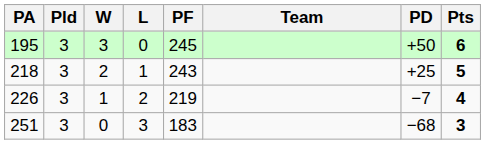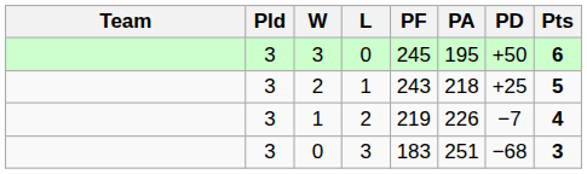 <table class=wikitable style="text-align:center">
 <tr>
-<th width=30>PA</th>
+<th width=180>Team</th>
 <th width=30>Pld</th>
 <th width=30>W</th>
 <th width=30>L</th>
 <th width=30>PF</th>
-<th width=180>Team</th>
+<th width=30>PA</th>
 <th width=30>PD</th>
 <th width=30>Pts</th>
 </tr>
 <tr bgcolor="#ccffcc">
-<td>195</td>
+<td align="left"></td>
 <td>3</td>
 <td>3</td>
 <td>0</td>
 <td>245</td>
-<td align="left"></td>
+<td>195</td>
 <td>+50</td>
 <td><strong>6</strong></td>
 </tr>
 <tr>
-<td>218</td>
+<td align="left"></td>
 <td>3</td>
 <td>2</td>
 <td>1</td>
 <td>243</td>
-<td align="left"></td>
+<td>218</td>
 <td>+25</td>
 <td><strong>5</strong></td>
 </tr>
 <tr>
-<td>226</td>
+<td align="left"></td>
 <td>3</td>
 <td>1</td>
 <td>2</td>
 <td>219</td>
-<td align="left"></td>
+<td>226</td>
 <td>−7</td>
 <td><strong>4</strong></td>
 </tr>
 <tr>
-<td>251</td>
+<td align="left"></td>
 <td>3</td>
 <td>0</td>
 <td>3</td>
 <td>183</td>
-<td align="left"></td>
+<td>251</td>
 <td>−68</td>
 <td><strong>3</strong></td>
 </tr>
 </table>
